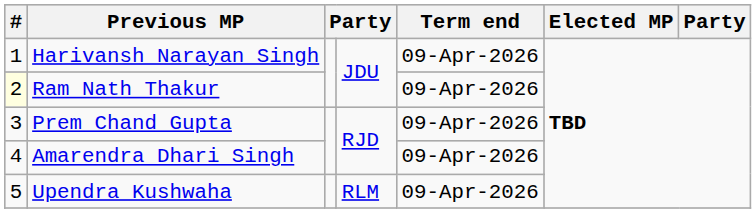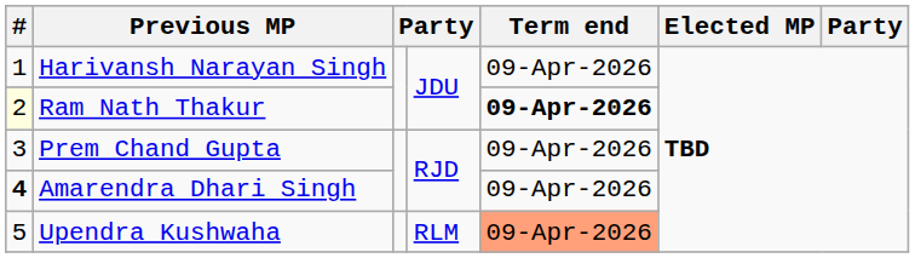 <table class="wikitable sortable">
 <tr>
 <th>#</th>
 <th>Previous MP</th>
 <th colspan="2">Party</th>
 <th>Term end</th>
 <th>Elected MP</th>
 <th colspan="2">Party</th>
 </tr>
 <tr>
 <td>1</td>
 <td><a href='#'>Harivansh Narayan Singh</a></td>
 <td rowspan=2></td>
 <td rowspan="2"><a href='#'>JDU</a></td>
 <td>09-Apr-2026</td>
 <td Rowspan=6 Colspan=3><strong>TBD</strong></td>
 </tr>
 <tr>
 <td style="background: lightyellow;">2</td>
 <td><a href='#'>Ram Nath Thakur</a></td>
-<td>09-Apr-2026</td>
+<td><strong>09-Apr-2026</strong></td>
 </tr>
 <tr>
 <td>3</td>
 <td><a href='#'>Prem Chand Gupta</a></td>
 <td rowspan=2></td>
 <td rowspan="2"><a href='#'>RJD</a></td>
 <td>09-Apr-2026</td>
 </tr>
 <tr>
-<td>4</td>
+<td><strong>4</strong></td>
 <td><a href='#'>Amarendra Dhari Singh</a></td>
 <td>09-Apr-2026</td>
 </tr>
 <tr>
 <td>5</td>
 <td><a href='#'>Upendra Kushwaha</a></td>
 <td></td>
 <td><a href='#'>RLM</a></td>
-<td>09-Apr-2026</td>
+<td style="background: lightsalmon;">09-Apr-2026</td>
 </tr>
 </table>
